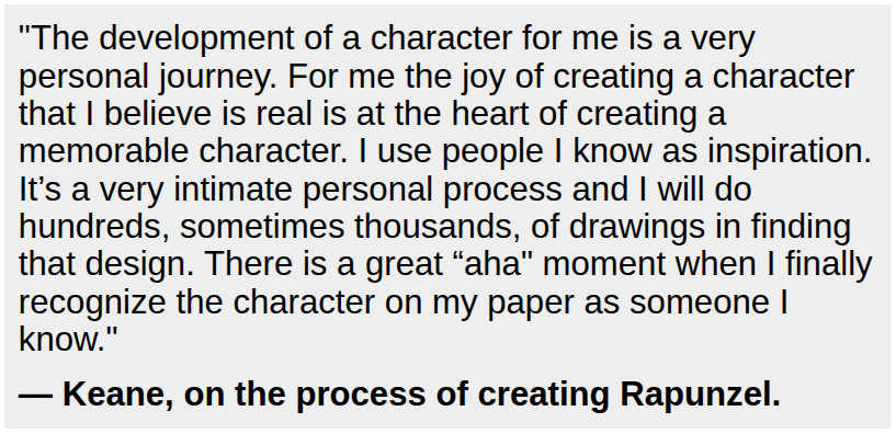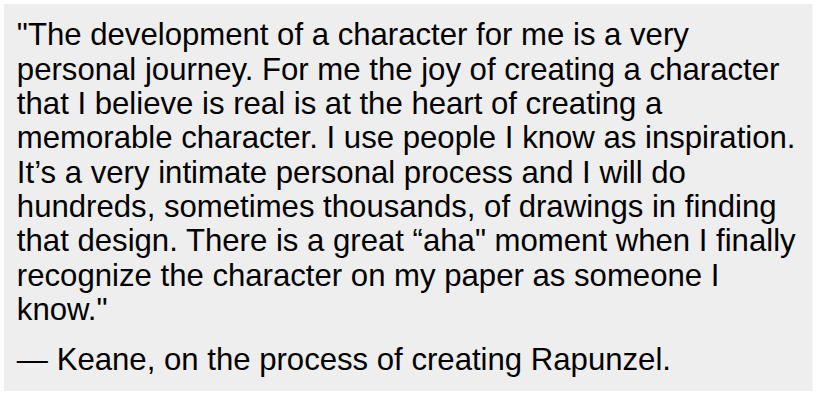 <table class="toccolours" style="float:left; margin-left:1em; margin-right:2em; font-size:85%; background:#eee; color:black; width:30em; max-width:40%;" cellspacing="5">
 <tr>
 <td style="text-align: left;">"The development of a character for me is a very personal journey. For me the joy of creating a character that I believe is real is at the heart of creating a memorable character. I use people I know as inspiration. It’s a very intimate personal process and I will do hundreds, sometimes thousands, of drawings in finding that design. There is a great “aha" moment when I finally recognize the character on my paper as someone I know."</td>
 </tr>
 <tr>
-<td style="text-align: left;"><strong>— Keane, on the process of creating Rapunzel.</strong></td>
+<td style="text-align: left;">— Keane, on the process of creating Rapunzel.</td>
 </tr>
 </table>
